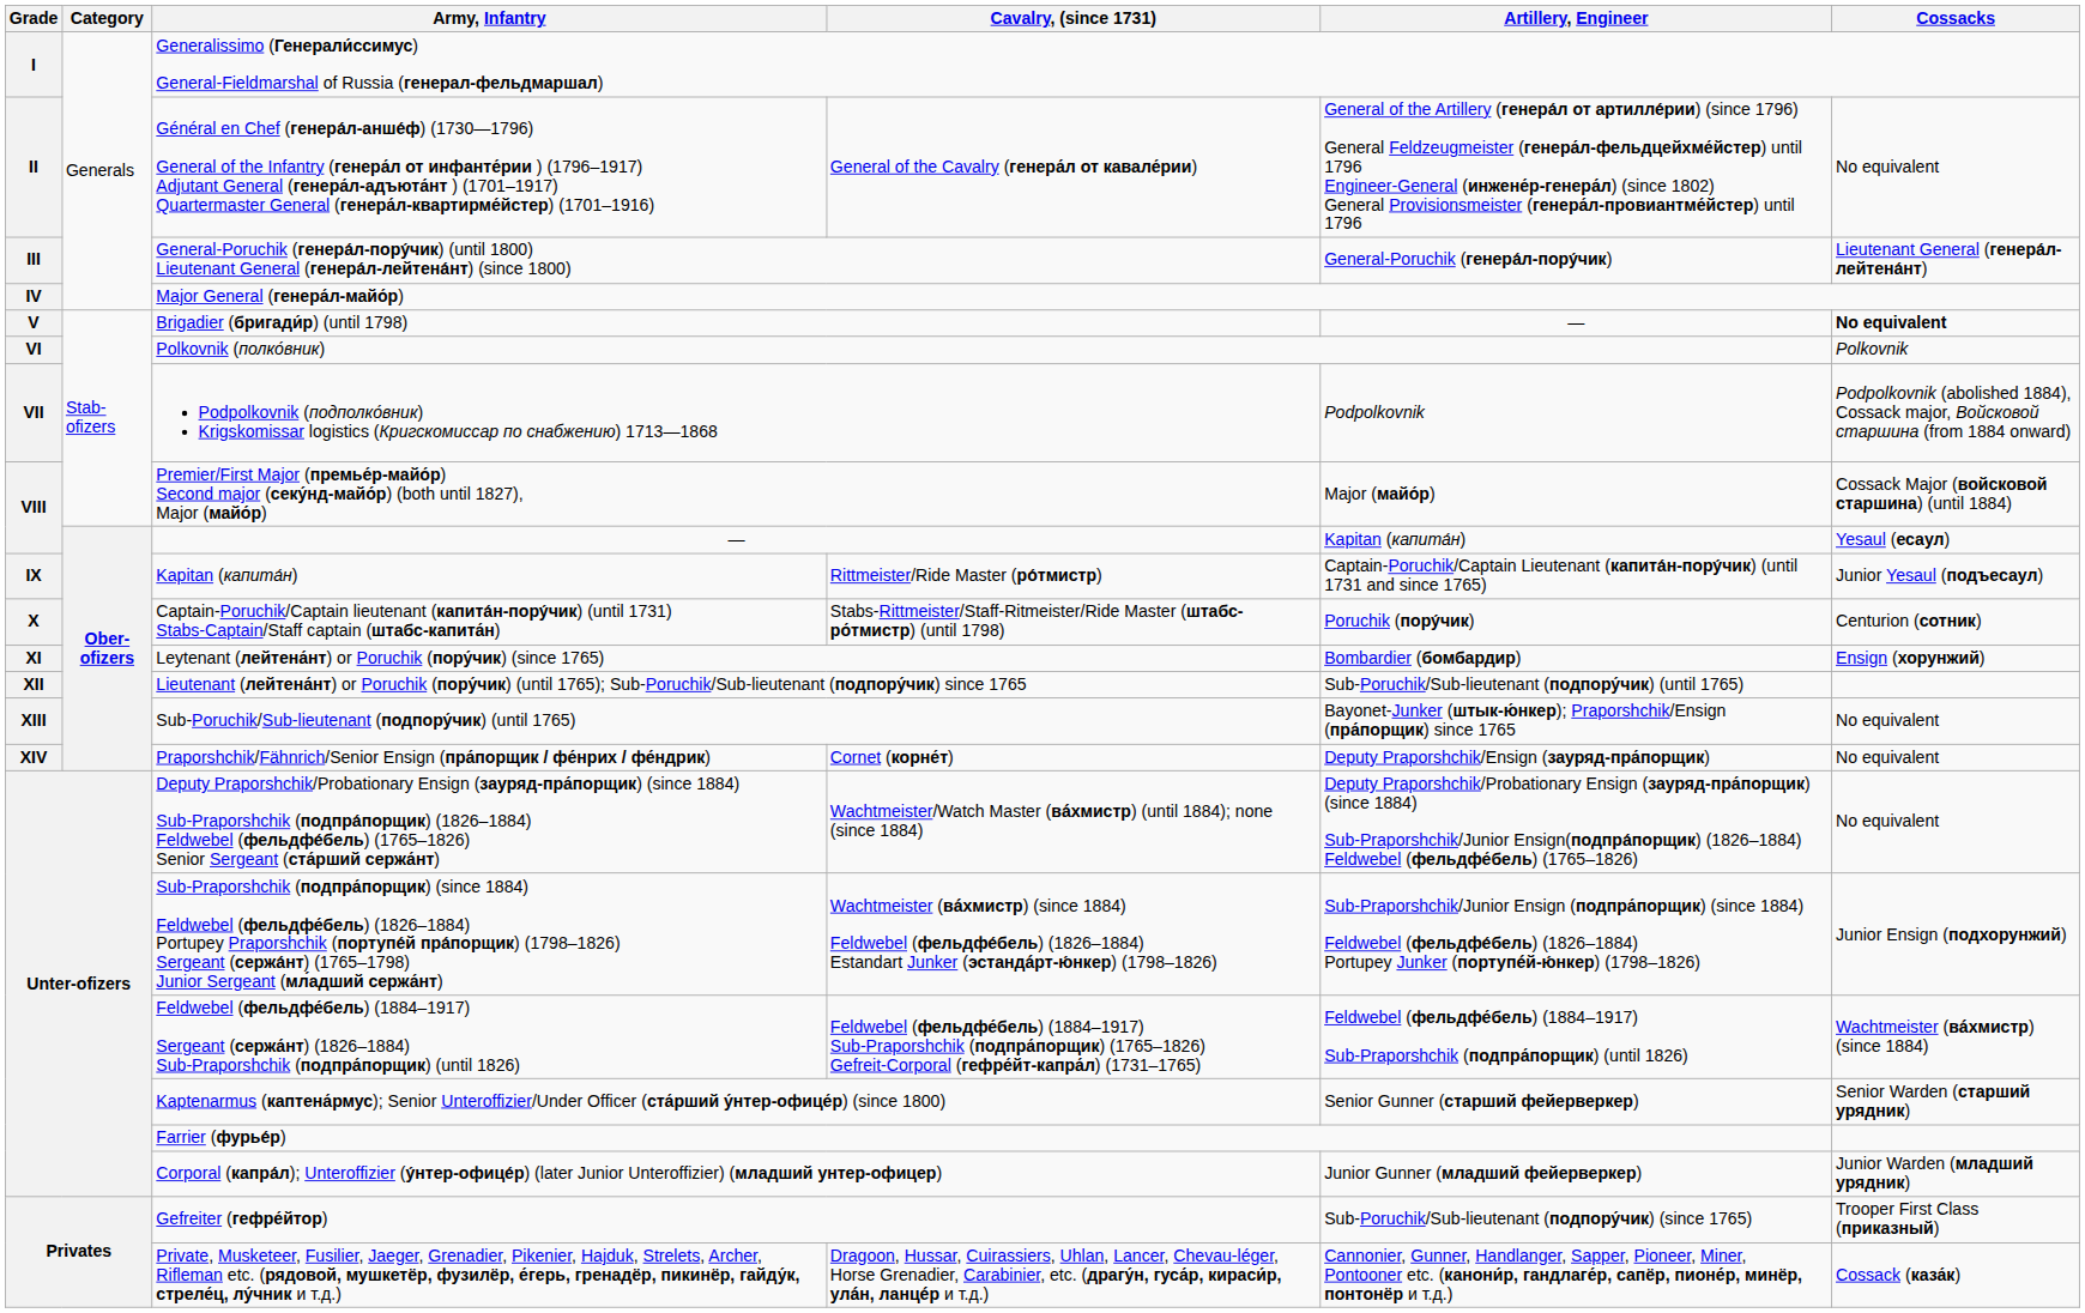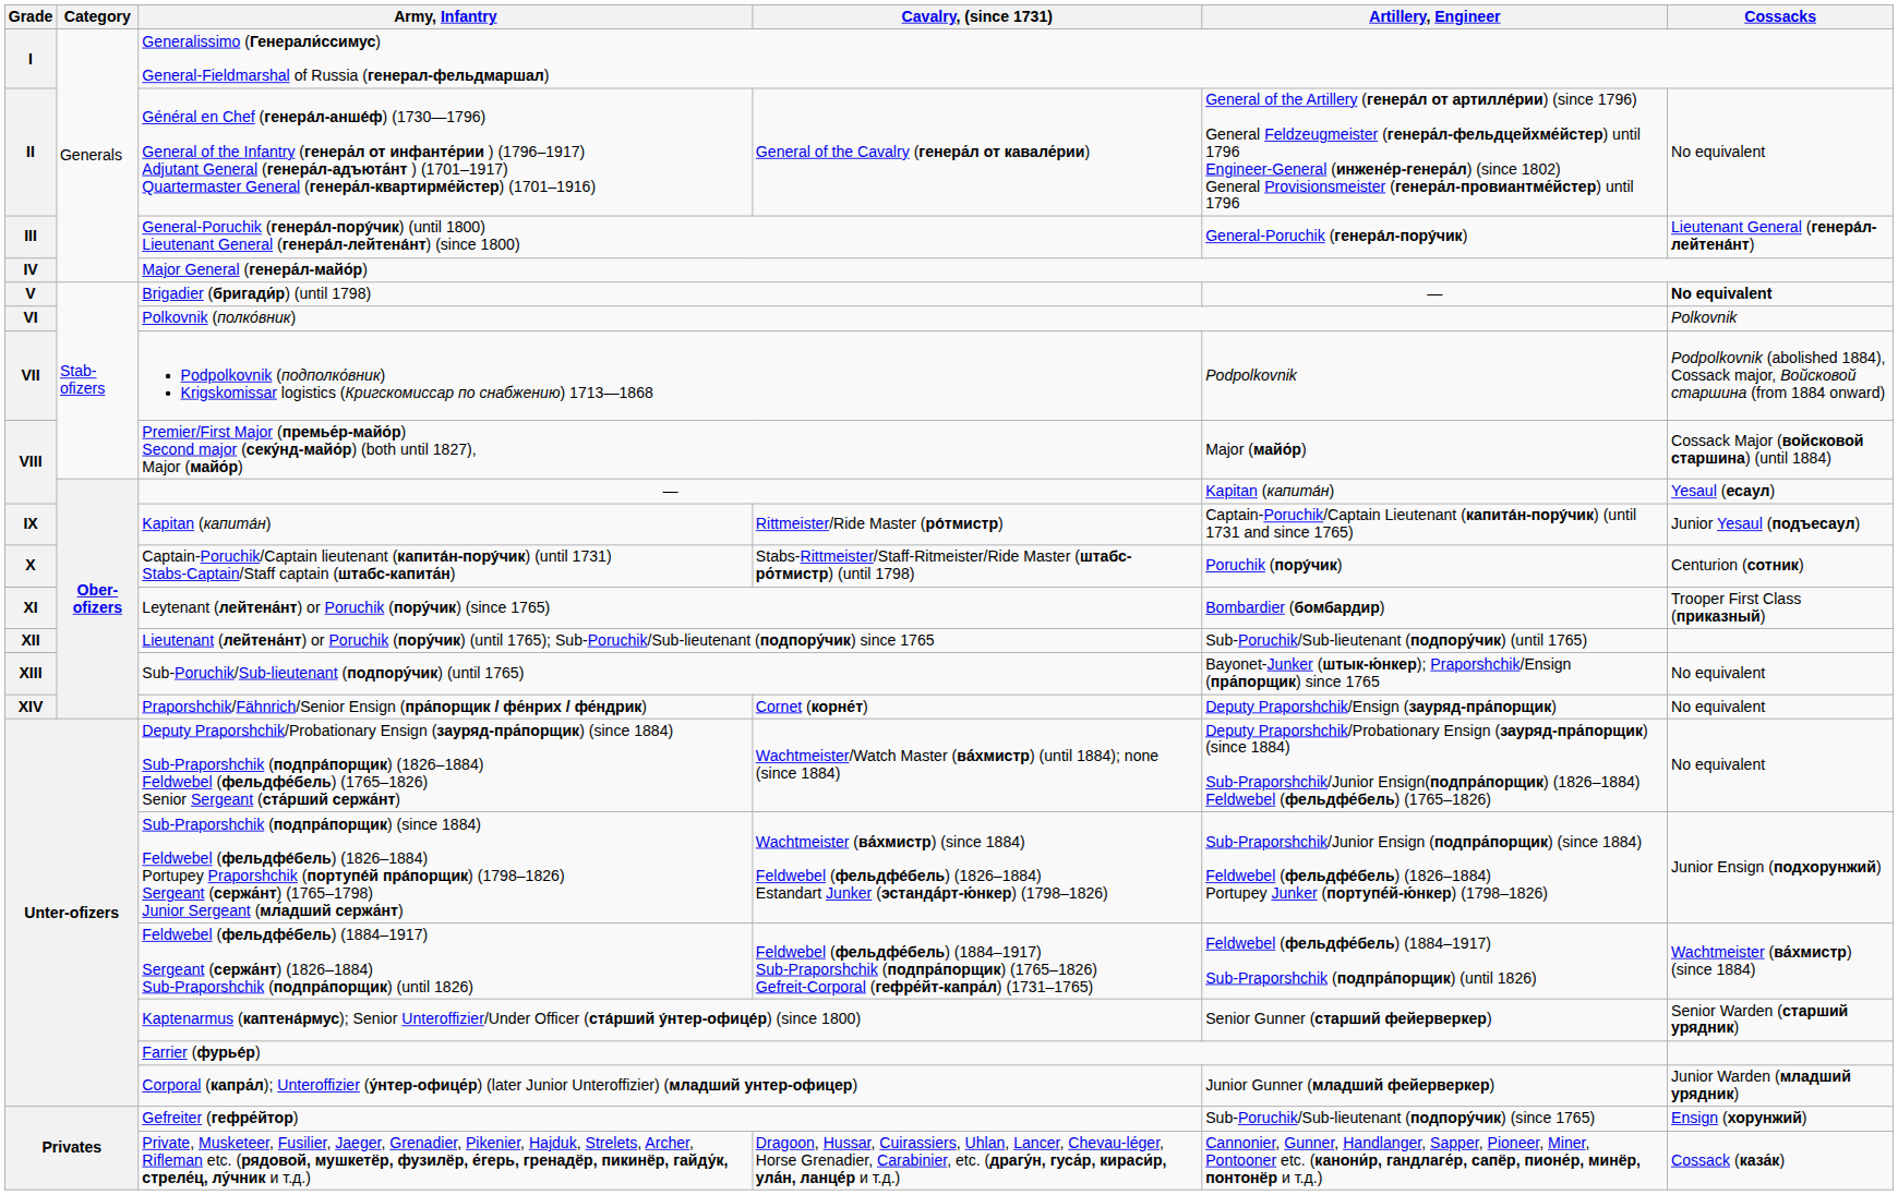 <table class="wikitable">
 <tr>
 <th>Grade</th>
 <th>Category</th>
 <th>Army, <a href='#'>Infantry</a></th>
 <th><a href='#'>Cavalry</a>, (since 1731)</th>
 <th><a href='#'>Artillery</a>, <a href='#'>Engineer</a></th>
 <th><a href='#'>Cossacks</a></th>
 </tr>
 <tr>
 <th>I</th>
 <td rowspan="4">Generals</td>
 <td colspan="4"><a href='#'>Generalissimo</a> (<strong>Генерали́ссимус</strong>)<br><br><a href='#'>General-Fieldmarshal</a> of Russia (<strong>генерал-фельдмаршал</strong>)</td>
 </tr>
 <tr>
 <th>II</th>
 <td><a href='#'>Général en Chef</a> (<strong>генера́л-анше́ф</strong>) (1730—1796)<br><br><a href='#'>General of the Infantry</a> (<strong>генера́л от инфанте́рии </strong>) (1796–1917)<br> <a href='#'>Adjutant General</a> (<strong>генера́л-адъюта́нт</strong> ) (1701–1917)<br> <a href='#'>Quartermaster General</a> (<strong>генера́л-квартирме́йстер</strong>) (1701–1916)</td>
 <td><a href='#'>General of the Cavalry</a> (<strong>генера́л от кавале́рии</strong>)</td>
 <td><a href='#'>General of the Artillery</a> (<strong>генера́л от артилле́рии</strong>) (since 1796)<br><br>General <a href='#'>Feldzeugmeister</a> (<strong>генера́л-фельдцейхме́йстер</strong>) until 1796<br> <a href='#'>Engineer-General</a> (<strong>инжене́р-генера́л</strong>) (since 1802)<br> General <a href='#'>Provisionsmeister</a> (<strong>генера́л-провиантме́йстер</strong>) until 1796</td>
 <td>No equivalent</td>
 </tr>
 <tr>
 <th>III</th>
 <td colspan="2"><a href='#'>General-Poruchik</a> (<strong>генера́л-пору́чик</strong>) (until 1800)<br><a href='#'>Lieutenant General</a> (<strong>генера́л-лейтена́нт</strong>) (since 1800)</td>
 <td><a href='#'>General-Poruchik</a> (<strong>генера́л-пору́чик</strong>)</td>
 <td><a href='#'>Lieutenant General</a> (<strong>генера́л-лейтена́нт</strong>)</td>
 </tr>
 <tr>
 <th>IV</th>
 <td colspan="4"><a href='#'>Major General</a> (<strong>генера́л-майо́р</strong>)</td>
 </tr>
 <tr>
 <th>V</th>
 <td rowspan="4"><a href='#'>Stab-ofizers</a></td>
 <td colspan="2"><a href='#'>Brigadier</a> (<strong>бригади́р</strong>) (until 1798)</td>
 <td style="text-align:center;">—</td>
 <td><strong>No equivalent</strong></td>
 </tr>
 <tr>
 <th>VI</th>
 <td colspan="3"><a href='#'>Polkovnik</a> (<em>полко́вник</em>)</td>
 <td><em>Polkovnik</em></td>
 </tr>
 <tr>
 <th>VII</th>
 <td colspan=2><br><ul><li><a href='#'>Podpolkovnik</a> (<em>подполко́вник</em>)</li><li><a href='#'>Krigskomissar</a> logistics (<em>Кригскомиссар по снабжению</em>) 1713—1868</li></ul></td>
 <td><em>Podpolkovnik</em></td>
 <td><em>Podpolkovnik</em> (abolished 1884),<br> Cossack major, <em>Войсковой старшина</em> (from 1884 onward)</td>
 </tr>
 <tr>
 <th rowspan="2">VIII</th>
 <td colspan="2"><a href='#'>Premier/First Major</a> (<strong>премье́р-майо́р</strong>)<br> <a href='#'>Second major</a> (<strong>секу́нд-майо́р</strong>) (both until 1827),<br> Major (<strong>майо́р</strong>)</td>
 <td>Major (<strong>майо́р</strong>)</td>
 <td>Cossack Major (<strong>войсковой старшина</strong>) (until 1884)</td>
 </tr>
 <tr>
 <th rowspan="7"><a href='#'>Ober-ofizers</a></th>
 <td colspan="2" style="text-align:center;">—</td>
 <td><a href='#'>Kapitan</a> (<em>капита́н</em>)</td>
 <td><a href='#'>Yesaul</a> (<strong>есаул</strong>)</td>
 </tr>
 <tr>
 <th>IX</th>
 <td><a href='#'>Kapitan</a> (<em>капита́н</em>)</td>
 <td><a href='#'>Rittmeister</a>/Ride Master (<strong>ро́тмистр</strong>)</td>
 <td>Captain-<a href='#'>Poruchik</a>/Captain Lieutenant (<strong>капита́н-пору́чик</strong>) (until 1731 and since 1765)</td>
 <td>Junior <a href='#'>Yesaul</a> (<strong>подъесаул</strong>)</td>
 </tr>
 <tr>
 <th>X</th>
 <td>Captain-<a href='#'>Poruchik</a>/Captain lieutenant (<strong>капита́н-пору́чик</strong>) (until 1731)<br><a href='#'>Stabs-Captain</a>/Staff captain (<strong>штабс-капита́н</strong>)</td>
 <td>Stabs-<a href='#'>Rittmeister</a>/Staff-Ritmeister/Ride Master (<strong>штабс-ро́тмистр</strong>) (until 1798)</td>
 <td><a href='#'>Poruchik</a> (<strong>пору́чик</strong>)</td>
 <td>Centurion (<strong>сотник</strong>)</td>
 </tr>
 <tr>
 <th>XI</th>
 <td colspan="2">Leytenant (<strong>лейтена́нт</strong>) or <a href='#'>Poruchik</a> (<strong>пору́чик</strong>) (since 1765)</td>
 <td><a href='#'>Bombardier</a> (<strong>бомбардир</strong>)</td>
-<td><a href='#'>Ensign</a> (<strong>хорунжий</strong>)</td>
+<td>Trooper First Class (<strong>приказный</strong>)</td>
 </tr>
 <tr>
 <th>XII</th>
 <td colspan="2"><a href='#'>Lieutenant</a> (<strong>лейтена́нт</strong>) or <a href='#'>Poruchik</a> (<strong>пору́чик</strong>) (until 1765); Sub-<a href='#'>Poruchik</a>/Sub-lieutenant (<strong>подпору́чик</strong>) since 1765</td>
 <td>Sub-<a href='#'>Poruchik</a>/Sub-lieutenant (<strong>подпору́чик</strong>) (until 1765)</td>
 </tr>
 <tr>
 <th>XIII</th>
 <td colspan="2">Sub-<a href='#'>Poruchik</a>/<a href='#'>Sub-lieutenant</a> (<strong>подпору́чик</strong>) (until 1765)</td>
 <td>Bayonet-<a href='#'>Junker</a> (<strong>штык-ю́нкер</strong>); <a href='#'>Praporshchik</a>/Ensign (<strong>пра́порщик</strong>) since 1765</td>
 <td>No equivalent</td>
 </tr>
 <tr>
 <th>XIV</th>
 <td><a href='#'>Praporshchik</a>/<a href='#'>Fähnrich</a>/Senior Ensign (<strong>пра́порщик / фе́нрих / фе́ндрик</strong>)</td>
 <td><a href='#'>Cornet</a> (<strong>корне́т</strong>)</td>
 <td><a href='#'>Deputy Praporshchik</a>/Ensign (<strong>зауряд-пра́порщик</strong>)</td>
 <td>No equivalent</td>
 </tr>
 <tr>
 <th rowspan="6" colspan="2">Unter-ofizers</th>
 <td><a href='#'>Deputy Praporshchik</a>/Probationary Ensign (<strong>зауряд-пра́порщик</strong>) (since 1884)<br><br><a href='#'>Sub-Praporshchik</a> (<strong>подпра́порщик</strong>) (1826–1884)<br> <a href='#'>Feldwebel</a> (<strong>фельдфе́бель</strong>) (1765–1826)<br> Senior <a href='#'>Sergeant</a> (<strong>ста́рший сержа́нт</strong>)</td>
 <td><a href='#'>Wachtmeister</a>/Watch Master (<strong>вáхмистр</strong>) (until 1884); none (since 1884)</td>
 <td><a href='#'>Deputy Praporshchik</a>/Probationary Ensign (<strong>зауряд-пра́порщик</strong>) (since 1884)<br><br><a href='#'>Sub-Praporshchik</a>/Junior Ensign(<strong>подпра́порщик</strong>) (1826–1884)<br> <a href='#'>Feldwebel</a> (<strong>фельдфе́бель</strong>) (1765–1826)</td>
 <td>No equivalent</td>
 </tr>
 <tr>
 <td><a href='#'>Sub-Praporshchik</a> (<strong>подпра́порщик</strong>) (since 1884)<br><br><a href='#'>Feldwebel</a> (<strong>фельдфе́бель</strong>) (1826–1884)<br> Portupey <a href='#'>Praporshchik</a> (<strong>портупе́й пра́порщик</strong>) (1798–1826)<br> <a href='#'>Sergeant</a> (<strong>сержа́нт</strong>) (1765–1798)<br> <a href='#'>Junior Sergeant</a> (<strong>мл́адший сержа́нт</strong>)</td>
 <td><a href='#'>Wachtmeister</a> (<strong>вáхмистр</strong>) (since 1884)<br><br><a href='#'>Feldwebel</a> (<strong>фельдфе́бель</strong>) (1826–1884)<br> Estandart <a href='#'>Junker</a> (<strong>эстандáрт-ю́нкер</strong>) (1798–1826)</td>
 <td><a href='#'>Sub-Praporshchik</a>/Junior Ensign (<strong>подпра́порщик</strong>) (since 1884)<br><br><a href='#'>Feldwebel</a> (<strong>фельдфе́бель</strong>) (1826–1884)<br> Portupey <a href='#'>Junker</a> (<strong>портупéй-ю́нкер</strong>) (1798–1826)</td>
 <td>Junior Ensign (<strong>подхорунжий</strong>)</td>
 </tr>
 <tr>
 <td><a href='#'>Feldwebel</a> (<strong>фельдфе́бель</strong>) (1884–1917)<br><br><a href='#'>Sergeant</a> (<strong>сержа́нт</strong>) (1826–1884)<br> <a href='#'>Sub-Praporshchik</a> (<strong>подпра́порщик</strong>) (until 1826)</td>
 <td><br><a href='#'>Feldwebel</a> (<strong>фельдфе́бель</strong>) (1884–1917)<br> <a href='#'>Sub-Praporshchik</a> (<strong>подпра́порщик</strong>) (1765–1826)<br> <a href='#'>Gefreit-Corporal</a> (<strong>гефре́йт-капра́л</strong>) (1731–1765)</td>
 <td><a href='#'>Feldwebel</a> (<strong>фельдфе́бель</strong>) (1884–1917)<br><br><a href='#'>Sub-Praporshchik</a> (<strong>подпра́порщик</strong>) (until 1826)</td>
 <td><a href='#'>Wachtmeister</a> (<strong>вáхмистр</strong>) (since 1884)<br></td>
 </tr>
 <tr>
 <td colspan="2"><a href='#'>Kaptenarmus</a> (<strong>каптена́рмус</strong>); Senior <a href='#'>Unteroffizier</a>/Under Officer (<strong>ста́рший у́нтер-офице́р</strong>) (since 1800)</td>
 <td>Senior Gunner (<strong>старший фейерверкер</strong>)</td>
 <td>Senior Warden (<strong>старший урядник</strong>)</td>
 </tr>
 <tr>
 <td colspan="3"><a href='#'>Farrier</a> (<strong>фурье́р</strong>)</td>
 </tr>
 <tr>
 <td colspan="2"><a href='#'>Corporal</a> (<strong>капра́л</strong>); <a href='#'>Unteroffizier</a> (<strong>у́нтер-офице́р</strong>) (later Junior Unteroffizier) (<strong>младший унтер-офицер</strong>)</td>
 <td>Junior Gunner (<strong>младший фейерверкер</strong>)</td>
 <td>Junior Warden (<strong>младший урядник</strong>)</td>
 </tr>
 <tr>
 <th rowspan="2" colspan="2">Privates</th>
 <td colspan="2"><a href='#'>Gefreiter</a> (<strong>гефре́йтор</strong>)</td>
 <td>Sub-<a href='#'>Poruchik</a>/Sub-lieutenant (<strong>подпору́чик</strong>) (since 1765)</td>
-<td>Trooper First Class (<strong>приказный</strong>)</td>
+<td><a href='#'>Ensign</a> (<strong>хорунжий</strong>)</td>
 </tr>
 <tr>
 <td><a href='#'>Private</a>, <a href='#'>Musketeer</a>, <a href='#'>Fusilier</a>, <a href='#'>Jaeger</a>, <a href='#'>Grenadier</a>, <a href='#'>Pikenier</a>, <a href='#'>Hajduk</a>, <a href='#'>Strelets</a>, <a href='#'>Archer</a>, <a href='#'>Rifleman</a> etc. (<strong>рядовой, мушкетёр, фузилёр, е́герь, гренадёр, пикинёр, гайду́к, стреле́ц, лу́чник</strong> и т.д.)</td>
 <td><a href='#'>Dragoon</a>, <a href='#'>Hussar</a>, <a href='#'>Cuirassiers</a>, <a href='#'>Uhlan</a>, <a href='#'>Lancer</a>, <a href='#'>Chevau-léger</a>, Horse Grenadier, <a href='#'>Carabinier</a>, etc. (<strong>драгу́н, гуса́р, кираси́р, улáн, ланцéр</strong> и т.д.)</td>
 <td><a href='#'>Cannonier</a>, <a href='#'>Gunner</a>, <a href='#'>Handlanger</a>, <a href='#'>Sapper</a>, <a href='#'>Pioneer</a>, <a href='#'>Miner</a>, <a href='#'>Pontooner</a> etc. (<strong>канони́р, гандлаге́р, сапёр, пионе́р, минёр, понтонёр</strong> и т.д.)</td>
 <td><a href='#'>Cossack</a> (<strong>каза́к</strong>)</td>
 </tr>
 </table>
